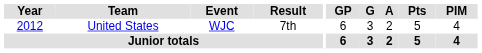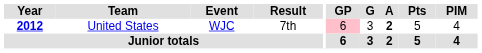 <table border="0" cellpadding="1" cellspacing="0" ID="Table3" style="text-align:center; width:40em">
 <tr ALIGN="center" bgcolor="#e0e0e0">
 <th>Year</th>
 <th>Team</th>
 <th>Event</th>
 <th>Result</th>
 <th rowspan="99" bgcolor="#ffffff"></th>
 <th>GP</th>
 <th>G</th>
 <th>A</th>
 <th>Pts</th>
 <th>PIM</th>
 </tr>
 <tr>
-<td><a href='#'>2012</a></td>
+<td><strong><a href='#'>2012</a></strong></td>
 <td><a href='#'>United States</a></td>
 <td><a href='#'>WJC</a></td>
 <td>7th</td>
-<td>6</td>
+<td style="background: pink;">6</td>
 <td>3</td>
-<td>2</td>
+<td><strong>2</strong></td>
 <td>5</td>
 <td>4</td>
 </tr>
 <tr bgcolor="#e0e0e0">
 <th colspan="4">Junior totals</th>
 <th>6</th>
 <th>3</th>
 <th>2</th>
 <th>5</th>
 <th>4</th>
 </tr>
 </table>
